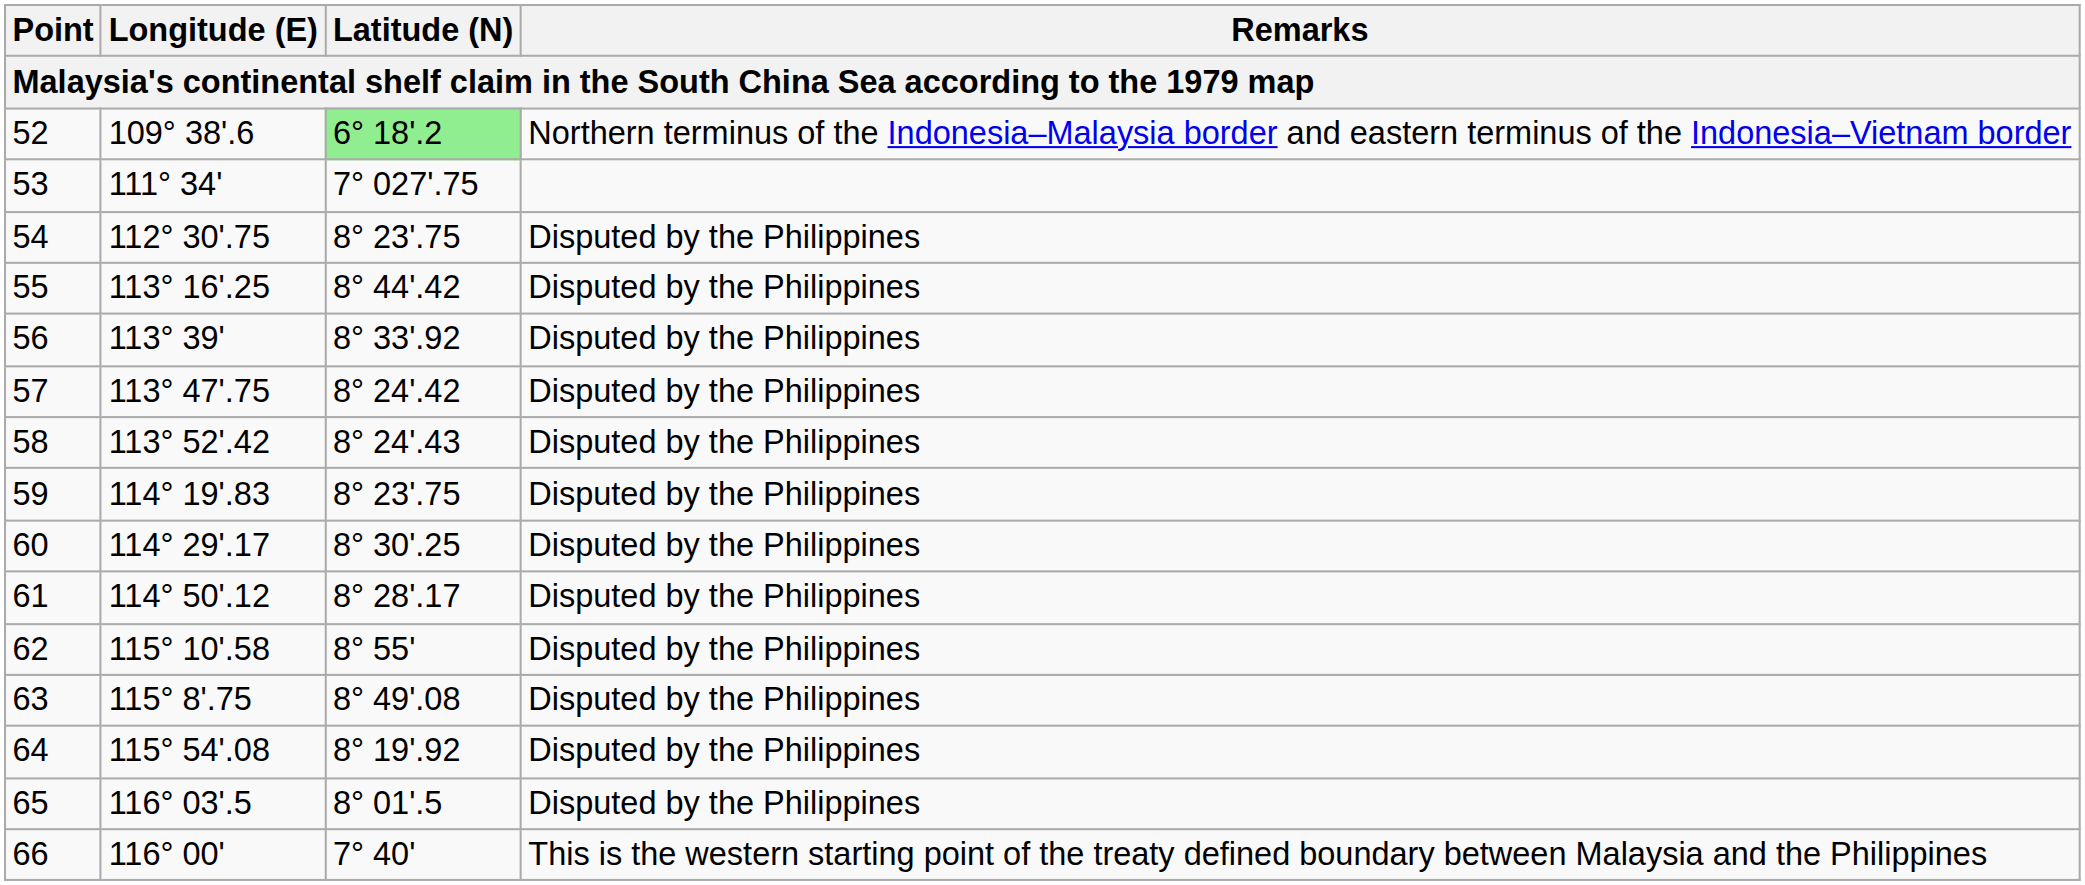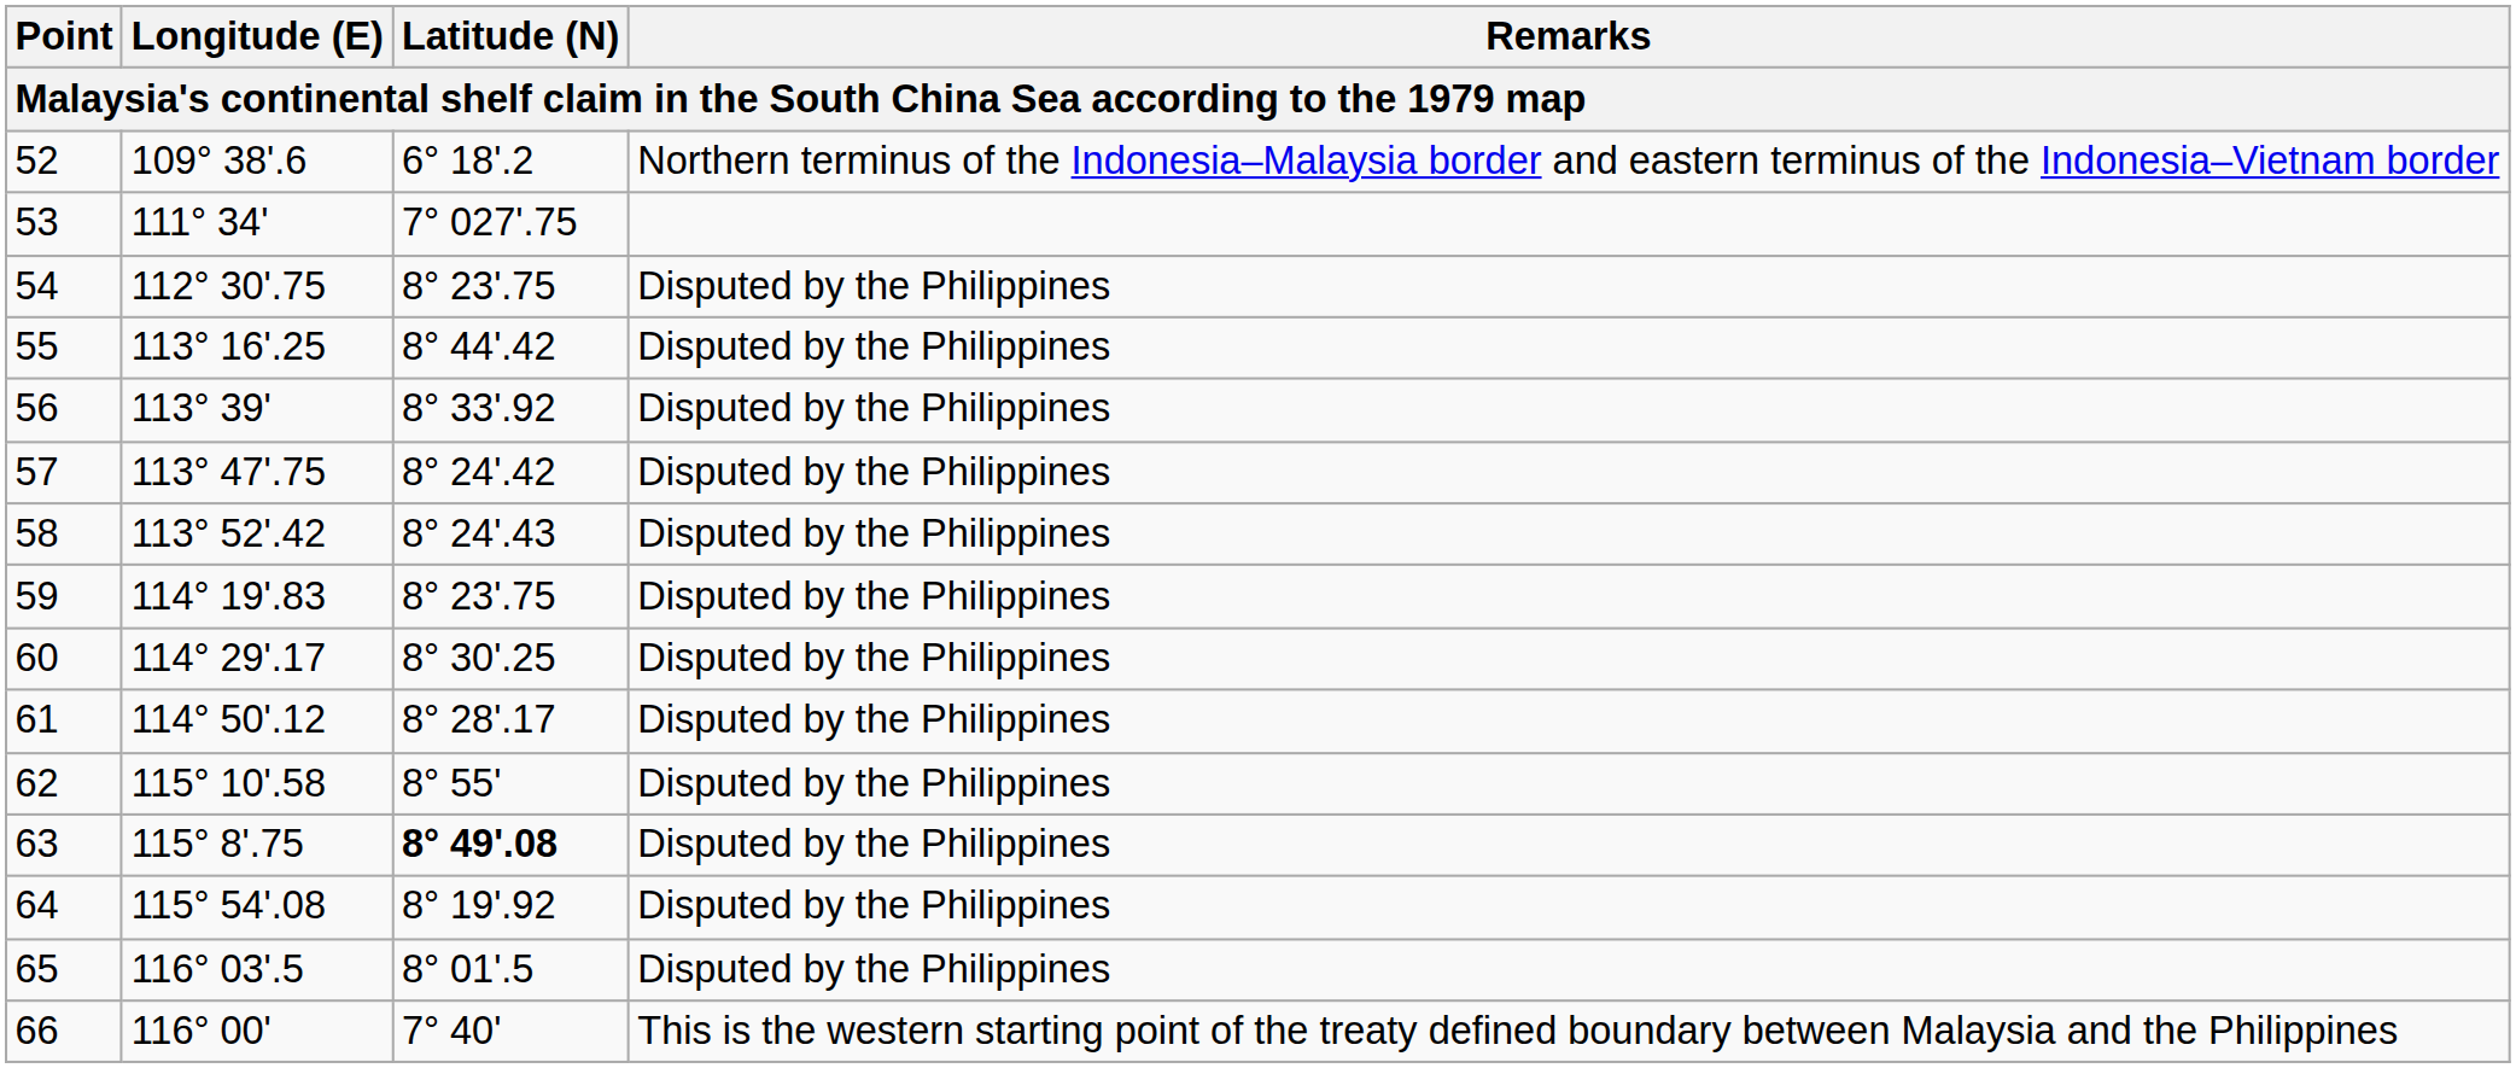 <table class="wikitable">
 <tr>
 <th>Point</th>
 <th>Longitude (E)</th>
 <th>Latitude (N)</th>
 <th>Remarks</th>
 </tr>
 <tr>
 <th colspan="5" style="text-align:left">Malaysia's continental shelf claim in the South China Sea according to the 1979 map</th>
 </tr>
 <tr>
 <td>52</td>
 <td>109° 38'.6</td>
-<td style="background: lightgreen;">6° 18'.2</td>
+<td>6° 18'.2</td>
 <td>Northern terminus of the <a href='#'>Indonesia–Malaysia border</a> and eastern terminus of the <a href='#'>Indonesia–Vietnam border</a></td>
 </tr>
 <tr>
 <td>53</td>
 <td>111° 34'</td>
 <td>7° 027'.75</td>
 <td></td>
 </tr>
 <tr>
 <td>54</td>
 <td>112° 30'.75</td>
 <td>8° 23'.75</td>
 <td>Disputed by the Philippines</td>
 </tr>
 <tr>
 <td>55</td>
 <td>113° 16'.25</td>
 <td>8° 44'.42</td>
 <td>Disputed by the Philippines</td>
 </tr>
 <tr>
 <td>56</td>
 <td>113° 39'</td>
 <td>8° 33'.92</td>
 <td>Disputed by the Philippines</td>
 </tr>
 <tr>
 <td>57</td>
 <td>113° 47'.75</td>
 <td>8° 24'.42</td>
 <td>Disputed by the Philippines</td>
 </tr>
 <tr>
 <td>58</td>
 <td>113° 52'.42</td>
 <td>8° 24'.43</td>
 <td>Disputed by the Philippines</td>
 </tr>
 <tr>
 <td>59</td>
 <td>114° 19'.83</td>
 <td>8° 23'.75</td>
 <td>Disputed by the Philippines</td>
 </tr>
 <tr>
 <td>60</td>
 <td>114° 29'.17</td>
 <td>8° 30'.25</td>
 <td>Disputed by the Philippines</td>
 </tr>
 <tr>
 <td>61</td>
 <td>114° 50'.12</td>
 <td>8° 28'.17</td>
 <td>Disputed by the Philippines</td>
 </tr>
 <tr>
 <td>62</td>
 <td>115° 10'.58</td>
 <td>8° 55'</td>
 <td>Disputed by the Philippines</td>
 </tr>
 <tr>
 <td>63</td>
 <td>115° 8'.75</td>
-<td>8° 49'.08</td>
+<td><strong>8° 49'.08</strong></td>
 <td>Disputed by the Philippines</td>
 </tr>
 <tr>
 <td>64</td>
 <td>115° 54'.08</td>
 <td>8° 19'.92</td>
 <td>Disputed by the Philippines</td>
 </tr>
 <tr>
 <td>65</td>
 <td>116° 03'.5</td>
 <td>8° 01'.5</td>
 <td>Disputed by the Philippines</td>
 </tr>
 <tr>
 <td>66</td>
 <td>116° 00'</td>
 <td>7° 40'</td>
 <td>This is the western starting point of the treaty defined boundary between Malaysia and the Philippines</td>
 </tr>
 </table>
